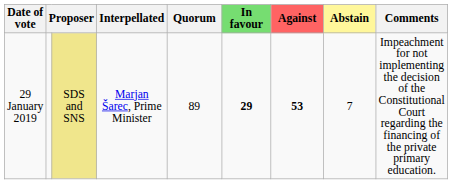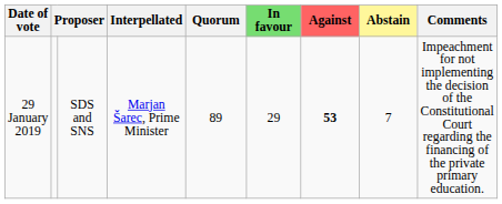 <table class="wikitable" style="line-height:16px; text-align: center;">
 <tr>
 <th style="width:9%;">Date of vote</th>
 <th colspan="2">Proposer</th>
 <th style="width:12%;">Interpellated</th>
 <th style="width:80px;">Quorum</th>
 <th style="width:80px; background:#76dd71;">In favour</th>
 <th style="width:80px; background:#ff6363">Against</th>
 <th style="width:80px; background:#fff79b">Abstain</th>
 <th>Comments</th>
 </tr>
 <tr>
 <td>29 January 2019</td>
 <td></td>
-<td style="background: khaki;">SDS and SNS</td>
+<td>SDS and SNS</td>
 <td><a href='#'>Marjan Šarec</a>, Prime Minister</td>
 <td>89</td>
-<td><strong>29</strong></td>
+<td>29</td>
 <td><strong>53</strong></td>
 <td>7</td>
 <td>Impeachment for not implementing the decision of the Constitutional Court regarding the financing of the private primary education.</td>
 </tr>
 </table>
